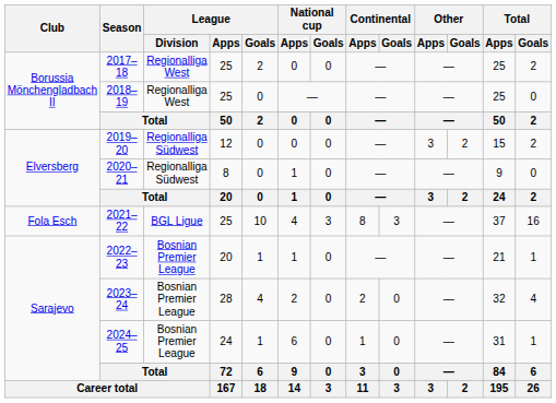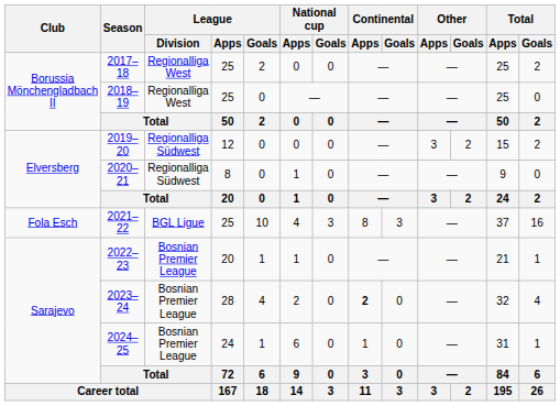 <table class="wikitable" style="text-align:center">
 <tr>
 <th rowspan=2>Club</th>
 <th rowspan=2>Season</th>
 <th colspan=3>League</th>
 <th colspan=2>National cup</th>
 <th colspan=2>Continental</th>
 <th colspan=2>Other</th>
 <th colspan=2>Total</th>
 </tr>
 <tr>
 <th>Division</th>
 <th>Apps</th>
 <th>Goals</th>
 <th>Apps</th>
 <th>Goals</th>
 <th>Apps</th>
 <th>Goals</th>
 <th>Apps</th>
 <th>Goals</th>
 <th>Apps</th>
 <th>Goals</th>
 </tr>
 <tr>
 <td rowspan=3><a href='#'>Borussia Mönchengladbach II</a></td>
 <td><a href='#'>2017–18</a></td>
 <td><a href='#'>Regionalliga West</a></td>
 <td>25</td>
 <td>2</td>
 <td>0</td>
 <td>0</td>
 <td colspan=2>—</td>
 <td colspan=2>—</td>
 <td>25</td>
 <td>2</td>
 </tr>
 <tr>
 <td><a href='#'>2018–19</a></td>
 <td>Regionalliga West</td>
 <td>25</td>
 <td>0</td>
 <td colspan=2>—</td>
 <td colspan=2>—</td>
 <td colspan=2>—</td>
 <td>25</td>
 <td>0</td>
 </tr>
 <tr>
 <th colspan=2>Total</th>
 <th>50</th>
 <th>2</th>
 <th>0</th>
 <th>0</th>
 <th colspan=2>—</th>
 <th colspan=2>—</th>
 <th>50</th>
 <th>2</th>
 </tr>
 <tr>
 <td rowspan=3><a href='#'>Elversberg</a></td>
 <td><a href='#'>2019–20</a></td>
 <td><a href='#'>Regionalliga Südwest</a></td>
 <td>12</td>
 <td>0</td>
 <td>0</td>
 <td>0</td>
 <td colspan=2>—</td>
 <td>3</td>
 <td>2</td>
 <td>15</td>
 <td>2</td>
 </tr>
 <tr>
 <td><a href='#'>2020–21</a></td>
 <td>Regionalliga Südwest</td>
 <td>8</td>
 <td>0</td>
 <td>1</td>
 <td>0</td>
 <td colspan=2>—</td>
 <td colspan=2>—</td>
 <td>9</td>
 <td>0</td>
 </tr>
 <tr>
 <th colspan=2>Total</th>
 <th>20</th>
 <th>0</th>
 <th>1</th>
 <th>0</th>
 <th colspan=2>—</th>
 <th>3</th>
 <th>2</th>
 <th>24</th>
 <th>2</th>
 </tr>
 <tr>
 <td><a href='#'>Fola Esch</a></td>
 <td><a href='#'>2021–22</a></td>
 <td><a href='#'>BGL Ligue</a></td>
 <td>25</td>
 <td>10</td>
 <td>4</td>
 <td>3</td>
 <td>8</td>
 <td>3</td>
 <td colspan=2>—</td>
 <td>37</td>
 <td>16</td>
 </tr>
 <tr>
 <td rowspan=4><a href='#'>Sarajevo</a></td>
 <td><a href='#'>2022–23</a></td>
 <td><a href='#'>Bosnian Premier League</a></td>
 <td>20</td>
 <td>1</td>
 <td>1</td>
 <td>0</td>
 <td colspan=2>—</td>
 <td colspan=2>—</td>
 <td>21</td>
 <td>1</td>
 </tr>
 <tr>
 <td><a href='#'>2023–24</a></td>
 <td>Bosnian Premier League</td>
 <td>28</td>
 <td>4</td>
 <td>2</td>
 <td>0</td>
-<td>2</td>
+<td><strong>2</strong></td>
 <td>0</td>
 <td colspan=2>—</td>
 <td>32</td>
 <td>4</td>
 </tr>
 <tr>
 <td><a href='#'>2024–25</a></td>
 <td>Bosnian Premier League</td>
 <td>24</td>
 <td>1</td>
 <td>6</td>
 <td>0</td>
 <td>1</td>
 <td>0</td>
 <td colspan=2>—</td>
 <td>31</td>
 <td>1</td>
 </tr>
 <tr>
 <th colspan=2>Total</th>
 <th>72</th>
 <th>6</th>
 <th>9</th>
 <th>0</th>
 <th>3</th>
 <th>0</th>
 <th colspan=2>—</th>
 <th>84</th>
 <th>6</th>
 </tr>
 <tr>
 <th colspan=3>Career total</th>
 <th>167</th>
 <th>18</th>
 <th>14</th>
 <th>3</th>
 <th>11</th>
 <th>3</th>
 <th>3</th>
 <th>2</th>
 <th>195</th>
 <th>26</th>
 </tr>
 </table>
